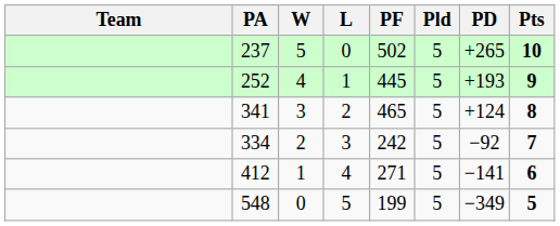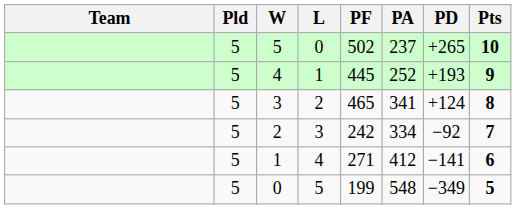 <table class=wikitable style="text-align:center">
 <tr>
 <th width=180>Team</th>
-<th width=30>PA</th>
+<th width=30>Pld</th>
 <th width=30>W</th>
 <th width=30>L</th>
 <th width=30>PF</th>
-<th width=30>Pld</th>
+<th width=30>PA</th>
 <th width=30>PD</th>
 <th width=30>Pts</th>
 </tr>
 <tr align=center bgcolor="#ccffcc">
 <td align=left></td>
-<td>237</td>
+<td>5</td>
 <td>5</td>
 <td>0</td>
 <td>502</td>
-<td>5</td>
+<td>237</td>
 <td>+265</td>
 <td><strong>10</strong></td>
 </tr>
 <tr align=center bgcolor="#ccffcc">
 <td align=left></td>
-<td>252</td>
+<td>5</td>
 <td>4</td>
 <td>1</td>
 <td>445</td>
-<td>5</td>
+<td>252</td>
 <td>+193</td>
 <td><strong>9</strong></td>
 </tr>
 <tr align=center>
 <td align=left></td>
-<td>341</td>
+<td>5</td>
 <td>3</td>
 <td>2</td>
 <td>465</td>
-<td>5</td>
+<td>341</td>
 <td>+124</td>
 <td><strong>8</strong></td>
 </tr>
 <tr align=center>
 <td align=left></td>
-<td>334</td>
+<td>5</td>
 <td>2</td>
 <td>3</td>
 <td>242</td>
-<td>5</td>
+<td>334</td>
 <td>−92</td>
 <td><strong>7</strong></td>
 </tr>
 <tr align=center>
 <td align=left></td>
-<td>412</td>
+<td>5</td>
 <td>1</td>
 <td>4</td>
 <td>271</td>
-<td>5</td>
+<td>412</td>
 <td>−141</td>
 <td><strong>6</strong></td>
 </tr>
 <tr align=center>
 <td align=left></td>
-<td>548</td>
+<td>5</td>
 <td>0</td>
 <td>5</td>
 <td>199</td>
-<td>5</td>
+<td>548</td>
 <td>−349</td>
 <td><strong>5</strong></td>
 </tr>
 </table>
